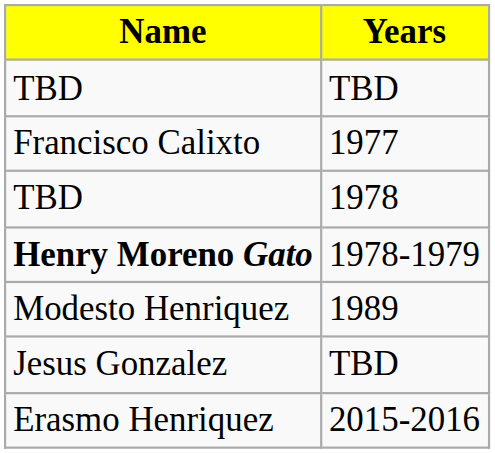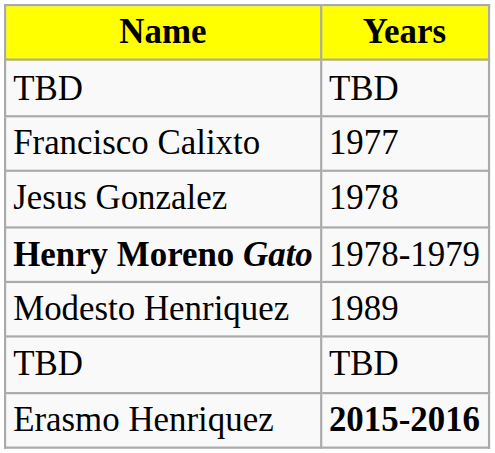 <table class="wikitable">
 <tr>
 <th style="color:Black; background:#FFFF00;">Name</th>
 <th style="color:Black; background:#FFFF00;">Years</th>
 </tr>
 <tr>
 <td> TBD</td>
 <td>TBD</td>
 </tr>
 <tr>
 <td> Francisco Calixto</td>
 <td>1977</td>
 </tr>
 <tr>
-<td> TBD</td>
+<td> Jesus Gonzalez</td>
 <td>1978</td>
 </tr>
 <tr>
 <td><strong> Henry Moreno <em>Gato</em></strong></td>
 <td>1978-1979</td>
 </tr>
 <tr>
 <td> Modesto Henriquez</td>
 <td>1989</td>
 </tr>
 <tr>
-<td> Jesus Gonzalez</td>
+<td> TBD</td>
 <td>TBD</td>
 </tr>
 <tr>
 <td> Erasmo Henriquez </td>
-<td>2015-2016</td>
+<td><strong>2015-2016</strong></td>
 </tr>
 </table>
